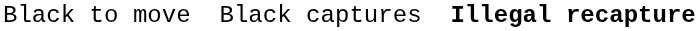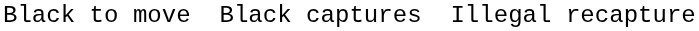 <table border="0" cellspacing="0" cellpadding="0">
 <tr valign="top">
 <td><br></td>
 <td>  </td>
 <td><br></td>
 <td>  </td>
 <td><br></td>
 </tr>
 <tr valign="top">
 <td>Black to move</td>
 <td>  </td>
 <td>Black captures</td>
 <td>  </td>
-<td><strong>Illegal recapture</strong></td>
+<td>Illegal recapture</td>
 </tr>
 </table>
